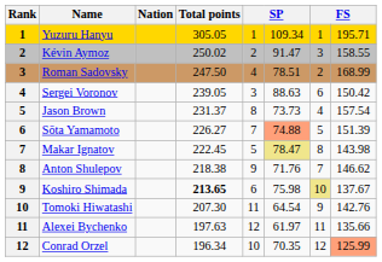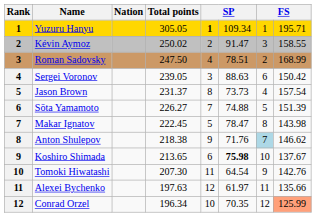 <table class="wikitable sortable">
 <tr>
 <th>Rank</th>
 <th>Name</th>
 <th>Nation</th>
 <th>Total points</th>
 <th colspan="2" width="80px"><a href='#'>SP</a></th>
 <th colspan="2" width="80px"><a href='#'>FS</a></th>
 </tr>
 <tr bgcolor="gold">
 <td align="center"><strong>1</strong></td>
 <td><a href='#'>Yuzuru Hanyu</a></td>
 <td></td>
 <td align="center">305.05</td>
-<td align="center">1</td>
+<td align="center"><strong>1</strong></td>
 <td align="center">109.34</td>
 <td align="center">1</td>
 <td align="center">195.71</td>
 </tr>
 <tr bgcolor="silver">
 <td align="center"><strong>2</strong></td>
 <td><a href='#'>Kévin Aymoz</a></td>
 <td></td>
 <td align="center">250.02</td>
 <td align="center">2</td>
 <td align="center">91.47</td>
 <td align="center">3</td>
 <td align="center">158.55</td>
 </tr>
 <tr bgcolor="cc9966">
 <td align="center"><strong>3</strong></td>
 <td><a href='#'>Roman Sadovsky</a></td>
 <td></td>
 <td align="center">247.50</td>
 <td align="center">4</td>
 <td align="center">78.51</td>
 <td align="center">2</td>
 <td align="center">168.99</td>
 </tr>
 <tr>
 <th>4</th>
 <td><a href='#'>Sergei Voronov</a></td>
 <td></td>
 <td align="center">239.05</td>
 <td align="center">3</td>
 <td align="center">88.63</td>
 <td align="center">6</td>
 <td align="center">150.42</td>
 </tr>
 <tr>
 <th>5</th>
 <td><a href='#'>Jason Brown</a></td>
 <td></td>
 <td align="center">231.37</td>
 <td align="center">8</td>
 <td align="center">73.73</td>
 <td align="center">4</td>
 <td align="center">157.54</td>
 </tr>
 <tr>
 <th>6</th>
 <td><a href='#'>Sōta Yamamoto</a></td>
 <td></td>
 <td align="center">226.27</td>
 <td align="center">7</td>
-<td align="center" style="background: lightsalmon;">74.88</td>
+<td align="center">74.88</td>
 <td align="center">5</td>
 <td align="center">151.39</td>
 </tr>
 <tr>
 <th>7</th>
 <td><a href='#'>Makar Ignatov</a></td>
 <td></td>
 <td align="center">222.45</td>
 <td align="center">5</td>
-<td align="center" style="background: khaki;">78.47</td>
+<td align="center">78.47</td>
 <td align="center">8</td>
 <td align="center">143.98</td>
 </tr>
 <tr>
 <th>8</th>
 <td><a href='#'>Anton Shulepov</a></td>
 <td></td>
 <td align="center">218.38</td>
 <td align="center">9</td>
 <td align="center">71.76</td>
-<td align="center">7</td>
+<td align="center" style="background: lightblue;">7</td>
 <td align="center">146.62</td>
 </tr>
 <tr>
 <th>9</th>
 <td><a href='#'>Koshiro Shimada</a></td>
 <td></td>
-<td align="center"><strong>213.65</strong></td>
+<td align="center">213.65</td>
 <td align="center">6</td>
-<td align="center">75.98</td>
-<td align="center" style="background: khaki;">10</td>
+<td align="center"><strong>75.98</strong></td>
+<td align="center">10</td>
 <td align="center">137.67</td>
 </tr>
 <tr>
 <th>10</th>
 <td><a href='#'>Tomoki Hiwatashi</a></td>
 <td></td>
 <td align="center">207.30</td>
 <td align="center">11</td>
 <td align="center">64.54</td>
 <td align="center">9</td>
 <td align="center">142.76</td>
 </tr>
 <tr>
 <th>11</th>
 <td><a href='#'>Alexei Bychenko</a></td>
 <td></td>
 <td align="center">197.63</td>
 <td align="center">12</td>
 <td align="center">61.97</td>
 <td align="center">11</td>
 <td align="center">135.66</td>
 </tr>
 <tr>
 <th>12</th>
 <td><a href='#'>Conrad Orzel</a></td>
 <td></td>
 <td align="center">196.34</td>
 <td align="center">10</td>
 <td align="center">70.35</td>
 <td align="center">12</td>
 <td align="center" style="background: lightsalmon;">125.99</td>
 </tr>
 </table>
